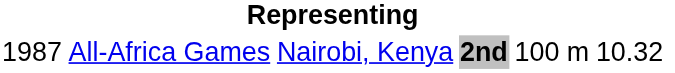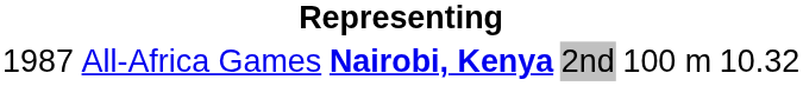 <table>
 <tr>
 <th colspan="6">Representing </th>
 </tr>
 <tr>
 <td>1987</td>
 <td><a href='#'>All-Africa Games</a></td>
-<td><a href='#'>Nairobi, Kenya</a></td>
-<td bgcolor=silver><strong>2nd</strong></td>
+<td><strong><a href='#'>Nairobi, Kenya</a></strong></td>
+<td bgcolor=silver>2nd</td>
 <td>100 m</td>
 <td>10.32</td>
 </tr>
 </table>
